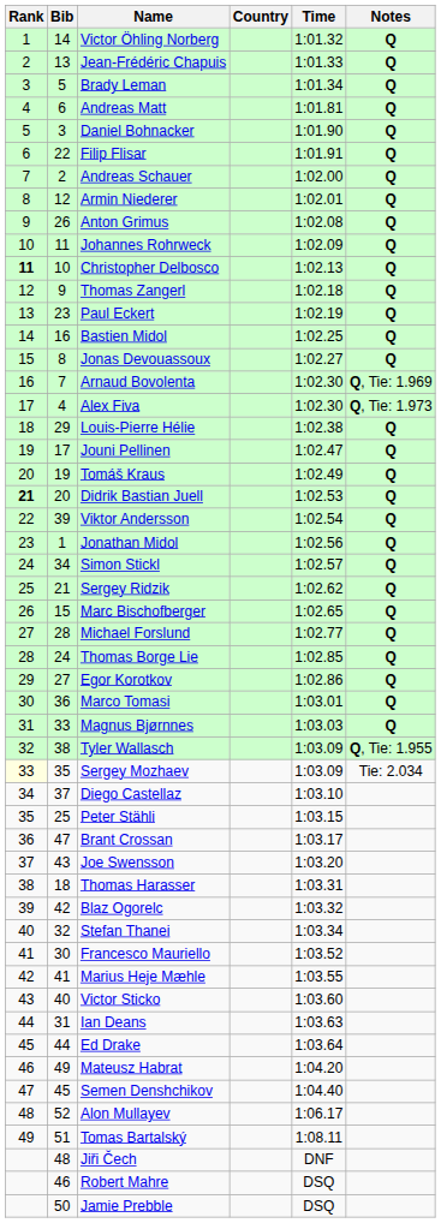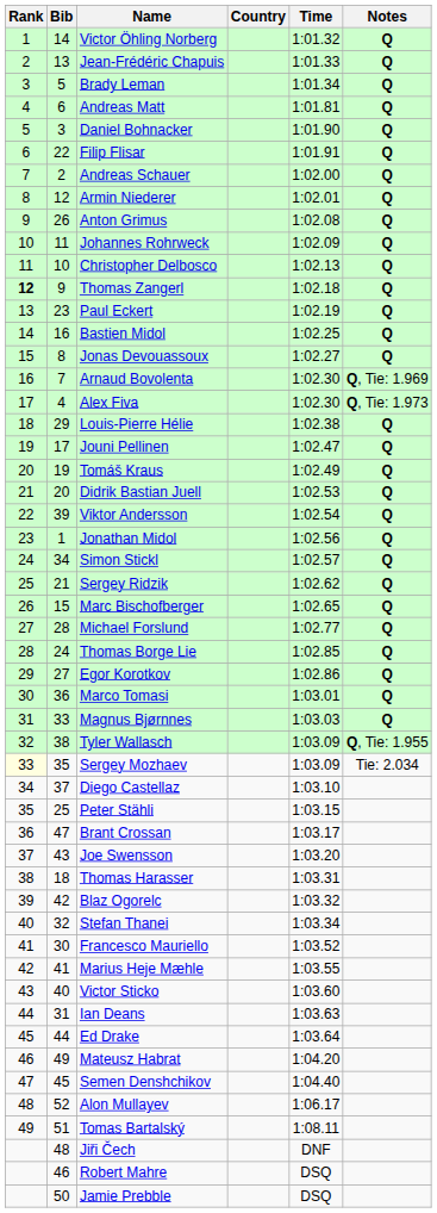 <table class="wikitable sortable" style="text-align:center">
 <tr>
 <th>Rank</th>
 <th>Bib</th>
 <th>Name</th>
 <th>Country</th>
 <th>Time</th>
 <th>Notes</th>
 </tr>
 <tr bgcolor="#ccffcc">
 <td>1</td>
 <td>14</td>
 <td align=left><a href='#'>Victor Öhling Norberg</a></td>
 <td align=left></td>
 <td>1:01.32</td>
 <td><strong>Q</strong></td>
 </tr>
 <tr bgcolor="#ccffcc">
 <td>2</td>
 <td>13</td>
 <td align=left><a href='#'>Jean-Frédéric Chapuis</a></td>
 <td align=left></td>
 <td>1:01.33</td>
 <td><strong>Q</strong></td>
 </tr>
 <tr bgcolor="#ccffcc">
 <td>3</td>
 <td>5</td>
 <td align=left><a href='#'>Brady Leman</a></td>
 <td align=left></td>
 <td>1:01.34</td>
 <td><strong>Q</strong></td>
 </tr>
 <tr bgcolor="#ccffcc">
 <td>4</td>
 <td>6</td>
 <td align=left><a href='#'>Andreas Matt</a></td>
 <td align=left></td>
 <td>1:01.81</td>
 <td><strong>Q</strong></td>
 </tr>
 <tr bgcolor="#ccffcc">
 <td>5</td>
 <td>3</td>
 <td align=left><a href='#'>Daniel Bohnacker</a></td>
 <td align=left></td>
 <td>1:01.90</td>
 <td><strong>Q</strong></td>
 </tr>
 <tr bgcolor="#ccffcc">
 <td>6</td>
 <td>22</td>
 <td align=left><a href='#'>Filip Flisar</a></td>
 <td align=left></td>
 <td>1:01.91</td>
 <td><strong>Q</strong></td>
 </tr>
 <tr bgcolor="#ccffcc">
 <td>7</td>
 <td>2</td>
 <td align=left><a href='#'>Andreas Schauer</a></td>
 <td align=left></td>
 <td>1:02.00</td>
 <td><strong>Q</strong></td>
 </tr>
 <tr bgcolor="#ccffcc">
 <td>8</td>
 <td>12</td>
 <td align=left><a href='#'>Armin Niederer</a></td>
 <td align=left></td>
 <td>1:02.01</td>
 <td><strong>Q</strong></td>
 </tr>
 <tr bgcolor="#ccffcc">
 <td>9</td>
 <td>26</td>
 <td align=left><a href='#'>Anton Grimus</a></td>
 <td align=left></td>
 <td>1:02.08</td>
 <td><strong>Q</strong></td>
 </tr>
 <tr bgcolor="#ccffcc">
 <td>10</td>
 <td>11</td>
 <td align=left><a href='#'>Johannes Rohrweck</a></td>
 <td align=left></td>
 <td>1:02.09</td>
 <td><strong>Q</strong></td>
 </tr>
 <tr bgcolor="#ccffcc">
-<td><strong>11</strong></td>
+<td>11</td>
 <td>10</td>
 <td align=left><a href='#'>Christopher Delbosco</a></td>
 <td align=left></td>
 <td>1:02.13</td>
 <td><strong>Q</strong></td>
 </tr>
 <tr bgcolor="#ccffcc">
-<td>12</td>
+<td><strong>12</strong></td>
 <td>9</td>
 <td align=left><a href='#'>Thomas Zangerl</a></td>
 <td align=left></td>
 <td>1:02.18</td>
 <td><strong>Q</strong></td>
 </tr>
 <tr bgcolor="#ccffcc">
 <td>13</td>
 <td>23</td>
 <td align=left><a href='#'>Paul Eckert</a></td>
 <td align=left></td>
 <td>1:02.19</td>
 <td><strong>Q</strong></td>
 </tr>
 <tr bgcolor="#ccffcc">
 <td>14</td>
 <td>16</td>
 <td align=left><a href='#'>Bastien Midol</a></td>
 <td align=left></td>
 <td>1:02.25</td>
 <td><strong>Q</strong></td>
 </tr>
 <tr bgcolor="#ccffcc">
 <td>15</td>
 <td>8</td>
 <td align=left><a href='#'>Jonas Devouassoux</a></td>
 <td align=left></td>
 <td>1:02.27</td>
 <td><strong>Q</strong></td>
 </tr>
 <tr bgcolor="#ccffcc">
 <td>16</td>
 <td>7</td>
 <td align=left><a href='#'>Arnaud Bovolenta</a></td>
 <td align=left></td>
 <td>1:02.30</td>
 <td><strong>Q</strong>, Tie: 1.969</td>
 </tr>
 <tr bgcolor="#ccffcc">
 <td>17</td>
 <td>4</td>
 <td align=left><a href='#'>Alex Fiva</a></td>
 <td align=left></td>
 <td>1:02.30</td>
 <td><strong>Q</strong>, Tie: 1.973</td>
 </tr>
 <tr bgcolor="#ccffcc">
 <td>18</td>
 <td>29</td>
 <td align=left><a href='#'>Louis-Pierre Hélie</a></td>
 <td align=left></td>
 <td>1:02.38</td>
 <td><strong>Q</strong></td>
 </tr>
 <tr bgcolor="#ccffcc">
 <td>19</td>
 <td>17</td>
 <td align=left><a href='#'>Jouni Pellinen</a></td>
 <td align=left></td>
 <td>1:02.47</td>
 <td><strong>Q</strong></td>
 </tr>
 <tr bgcolor="#ccffcc">
 <td>20</td>
 <td>19</td>
 <td align=left><a href='#'>Tomáš Kraus</a></td>
 <td align=left></td>
 <td>1:02.49</td>
 <td><strong>Q</strong></td>
 </tr>
 <tr bgcolor="#ccffcc">
-<td><strong>21</strong></td>
+<td>21</td>
 <td>20</td>
 <td align=left><a href='#'>Didrik Bastian Juell</a></td>
 <td align=left></td>
 <td>1:02.53</td>
 <td><strong>Q</strong></td>
 </tr>
 <tr bgcolor="#ccffcc">
 <td>22</td>
 <td>39</td>
 <td align=left><a href='#'>Viktor Andersson</a></td>
 <td align=left></td>
 <td>1:02.54</td>
 <td><strong>Q</strong></td>
 </tr>
 <tr bgcolor="#ccffcc">
 <td>23</td>
 <td>1</td>
 <td align=left><a href='#'>Jonathan Midol</a></td>
 <td align=left></td>
 <td>1:02.56</td>
 <td><strong>Q</strong></td>
 </tr>
 <tr bgcolor="#ccffcc">
 <td>24</td>
 <td>34</td>
 <td align=left><a href='#'>Simon Stickl</a></td>
 <td align=left></td>
 <td>1:02.57</td>
 <td><strong>Q</strong></td>
 </tr>
 <tr bgcolor="#ccffcc">
 <td>25</td>
 <td>21</td>
 <td align=left><a href='#'>Sergey Ridzik</a></td>
 <td align=left></td>
 <td>1:02.62</td>
 <td><strong>Q</strong></td>
 </tr>
 <tr bgcolor="#ccffcc">
 <td>26</td>
 <td>15</td>
 <td align=left><a href='#'>Marc Bischofberger</a></td>
 <td align=left></td>
 <td>1:02.65</td>
 <td><strong>Q</strong></td>
 </tr>
 <tr bgcolor="#ccffcc">
 <td>27</td>
 <td>28</td>
 <td align=left><a href='#'>Michael Forslund</a></td>
 <td align=left></td>
 <td>1:02.77</td>
 <td><strong>Q</strong></td>
 </tr>
 <tr bgcolor="#ccffcc">
 <td>28</td>
 <td>24</td>
 <td align=left><a href='#'>Thomas Borge Lie</a></td>
 <td align=left></td>
 <td>1:02.85</td>
 <td><strong>Q</strong></td>
 </tr>
 <tr bgcolor="#ccffcc">
 <td>29</td>
 <td>27</td>
 <td align=left><a href='#'>Egor Korotkov</a></td>
 <td align=left></td>
 <td>1:02.86</td>
 <td><strong>Q</strong></td>
 </tr>
 <tr bgcolor="#ccffcc">
 <td>30</td>
 <td>36</td>
 <td align=left><a href='#'>Marco Tomasi</a></td>
 <td align=left></td>
 <td>1:03.01</td>
 <td><strong>Q</strong></td>
 </tr>
 <tr bgcolor="#ccffcc">
 <td>31</td>
 <td>33</td>
 <td align=left><a href='#'>Magnus Bjørnnes</a></td>
 <td align=left></td>
 <td>1:03.03</td>
 <td><strong>Q</strong></td>
 </tr>
 <tr bgcolor="#ccffcc">
 <td>32</td>
 <td>38</td>
 <td align=left><a href='#'>Tyler Wallasch</a></td>
 <td align=left></td>
 <td>1:03.09</td>
 <td><strong>Q</strong>, Tie: 1.955</td>
 </tr>
 <tr>
 <td style="background: lightyellow;">33</td>
 <td>35</td>
 <td align=left><a href='#'>Sergey Mozhaev</a></td>
 <td align=left></td>
 <td>1:03.09</td>
 <td>Tie: 2.034</td>
 </tr>
 <tr>
 <td>34</td>
 <td>37</td>
 <td align=left><a href='#'>Diego Castellaz</a></td>
 <td align=left></td>
 <td>1:03.10</td>
 <td></td>
 </tr>
 <tr>
 <td>35</td>
 <td>25</td>
 <td align=left><a href='#'>Peter Stähli</a></td>
 <td align=left></td>
 <td>1:03.15</td>
 <td></td>
 </tr>
 <tr>
 <td>36</td>
 <td>47</td>
 <td align=left><a href='#'>Brant Crossan</a></td>
 <td align=left></td>
 <td>1:03.17</td>
 <td></td>
 </tr>
 <tr>
 <td>37</td>
 <td>43</td>
 <td align=left><a href='#'>Joe Swensson</a></td>
 <td align=left></td>
 <td>1:03.20</td>
 <td></td>
 </tr>
 <tr>
 <td>38</td>
 <td>18</td>
 <td align=left><a href='#'>Thomas Harasser</a></td>
 <td align=left></td>
 <td>1:03.31</td>
 <td></td>
 </tr>
 <tr>
 <td>39</td>
 <td>42</td>
 <td align=left><a href='#'>Blaz Ogorelc</a></td>
 <td align=left></td>
 <td>1:03.32</td>
 <td></td>
 </tr>
 <tr>
 <td>40</td>
 <td>32</td>
 <td align=left><a href='#'>Stefan Thanei</a></td>
 <td align=left></td>
 <td>1:03.34</td>
 <td></td>
 </tr>
 <tr>
 <td>41</td>
 <td>30</td>
 <td align=left><a href='#'>Francesco Mauriello</a></td>
 <td align=left></td>
 <td>1:03.52</td>
 <td></td>
 </tr>
 <tr>
 <td>42</td>
 <td>41</td>
 <td align=left><a href='#'>Marius Heje Mæhle</a></td>
 <td align=left></td>
 <td>1:03.55</td>
 <td></td>
 </tr>
 <tr>
 <td>43</td>
 <td>40</td>
 <td align=left><a href='#'>Victor Sticko</a></td>
 <td align=left></td>
 <td>1:03.60</td>
 <td></td>
 </tr>
 <tr>
 <td>44</td>
 <td>31</td>
 <td align=left><a href='#'>Ian Deans</a></td>
 <td align=left></td>
 <td>1:03.63</td>
 <td></td>
 </tr>
 <tr>
 <td>45</td>
 <td>44</td>
 <td align=left><a href='#'>Ed Drake</a></td>
 <td align=left></td>
 <td>1:03.64</td>
 <td></td>
 </tr>
 <tr>
 <td>46</td>
 <td>49</td>
 <td align=left><a href='#'>Mateusz Habrat</a></td>
 <td align=left></td>
 <td>1:04.20</td>
 <td></td>
 </tr>
 <tr>
 <td>47</td>
 <td>45</td>
 <td align=left><a href='#'>Semen Denshchikov</a></td>
 <td align=left></td>
 <td>1:04.40</td>
 <td></td>
 </tr>
 <tr>
 <td>48</td>
 <td>52</td>
 <td align=left><a href='#'>Alon Mullayev</a></td>
 <td align=left></td>
 <td>1:06.17</td>
 <td></td>
 </tr>
 <tr>
 <td>49</td>
 <td>51</td>
 <td align=left><a href='#'>Tomas Bartalský</a></td>
 <td align=left></td>
 <td>1:08.11</td>
 <td></td>
 </tr>
 <tr>
 <td></td>
 <td>48</td>
 <td align=left><a href='#'>Jiři Čech</a></td>
 <td align=left></td>
 <td>DNF</td>
 <td></td>
 </tr>
 <tr>
 <td></td>
 <td>46</td>
 <td align=left><a href='#'>Robert Mahre</a></td>
 <td align=left></td>
 <td>DSQ</td>
 <td></td>
 </tr>
 <tr>
 <td></td>
 <td>50</td>
 <td align=left><a href='#'>Jamie Prebble</a></td>
 <td align=left></td>
 <td>DSQ</td>
 <td></td>
 </tr>
 </table>
